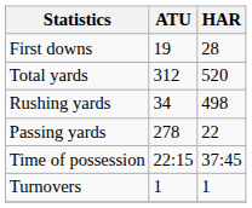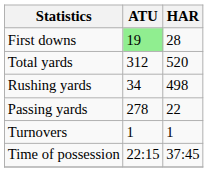 <table class="wikitable" style="float: left;">
 <tr>
 <th>Statistics</th>
 <th>ATU</th>
 <th>HAR</th>
 </tr>
 <tr>
 <td>First downs</td>
-<td>19</td>
+<td style="background: lightgreen;">19</td>
 <td>28</td>
 </tr>
 <tr>
 <td>Total yards</td>
 <td>312</td>
 <td>520</td>
 </tr>
 <tr>
 <td>Rushing yards</td>
 <td>34</td>
 <td>498</td>
 </tr>
 <tr>
 <td>Passing yards</td>
 <td>278</td>
 <td>22</td>
 </tr>
 <tr>
+<td>Turnovers</td>
+<td>1</td>
+<td>1</td>
+</tr>
+<tr>
 <td>Time of possession</td>
 <td>22:15</td>
 <td>37:45</td>
 </tr>
 <tr>
-<td>Turnovers</td>
-<td>1</td>
-<td>1</td>
-</tr>
-<tr>
 </tr>
 </table>
